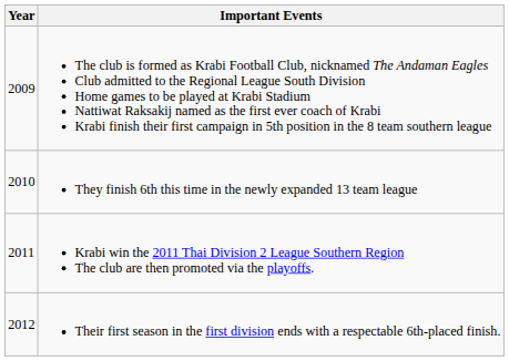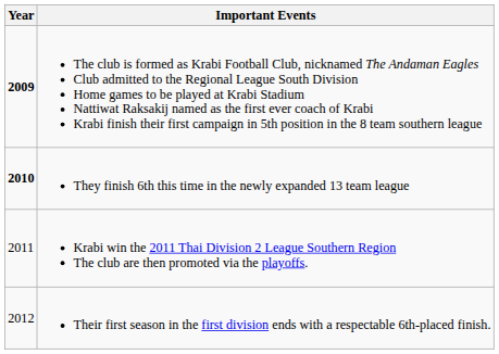 <table class="wikitable">
 <tr>
 <th>Year</th>
 <th>Important Events</th>
 </tr>
 <tr>
-<td>2009</td>
+<td><strong>2009</strong></td>
 <td><br><ul><li>The club is formed as Krabi Football Club, nicknamed <em>The Andaman Eagles</em></li><li>Club admitted to the Regional League South Division</li><li>Home games to be played at Krabi Stadium</li><li>Nattiwat Raksakij named as the first ever coach of Krabi</li><li>Krabi finish their first campaign in 5th position in the 8 team southern league</li></ul></td>
 </tr>
 <tr>
-<td>2010</td>
+<td><strong>2010</strong></td>
 <td><br><ul><li>They finish 6th this time in the newly expanded 13 team league</li></ul></td>
 </tr>
 <tr>
 <td>2011</td>
 <td><br><ul><li>Krabi win the <a href='#'>2011 Thai Division 2 League Southern Region</a></li><li>The club are then promoted via the <a href='#'>playoffs</a>.</li></ul></td>
 </tr>
 <tr>
 <td>2012</td>
 <td><br><ul><li>Their first season in the <a href='#'>first division</a> ends with a respectable 6th-placed finish.</li></ul></td>
 </tr>
 </table>
